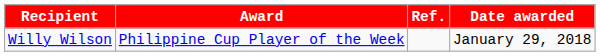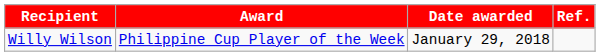 <table class="wikitable sortable sortable" style="text-align: center">
 <tr>
 <th style="background:#FF0000; color:#FFFFFF; ">Recipient</th>
 <th style="background:#FF0000; color:#FFFFFF; ">Award</th>
+<th style="background:#FF0000; color:#FFFFFF; ">Date awarded</th>
 <th style="background:#FF0000; color:#FFFFFF; ">Ref.</th>
-<th style="background:#FF0000; color:#FFFFFF; ">Date awarded</th>
 </tr>
 <tr>
 <td><a href='#'>Willy Wilson</a></td>
 <td><a href='#'>Philippine Cup Player of the Week</a></td>
+<td>January 29, 2018</td>
 <td></td>
-<td>January 29, 2018</td>
 </tr>
 </table>
